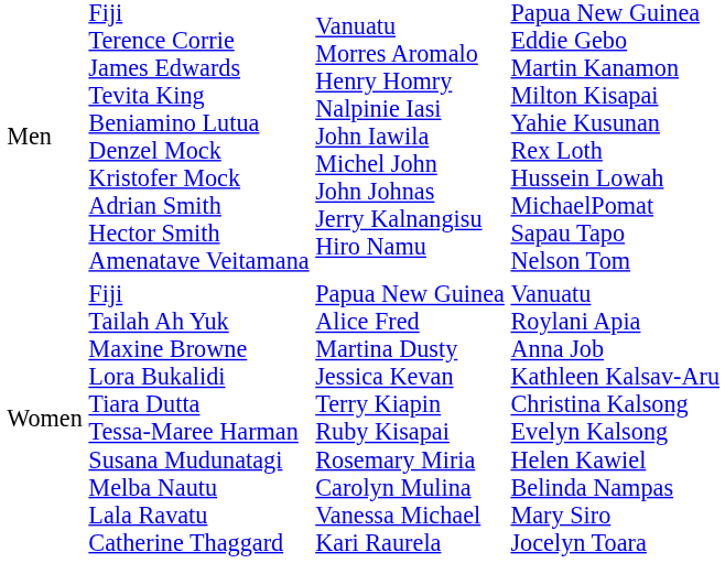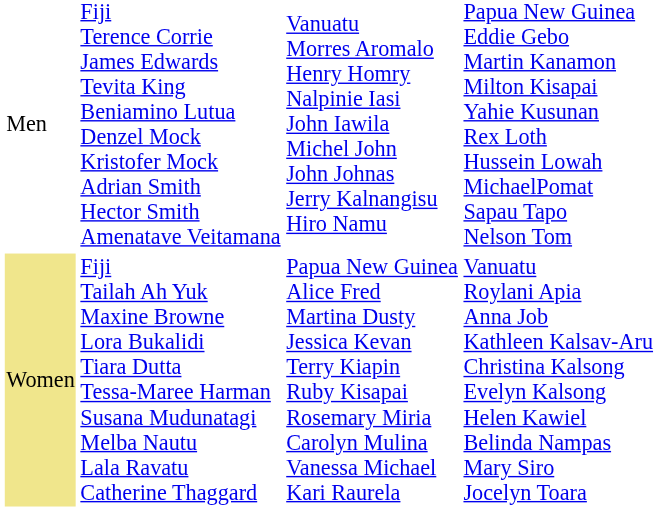 <table>
 <tr>
 <td>Men<br></td>
 <td><a href='#'>Fiji</a><br><a href='#'>Terence Corrie</a><br><a href='#'>James Edwards</a><br><a href='#'>Tevita King</a><br><a href='#'>Beniamino Lutua</a><br><a href='#'>Denzel Mock</a><br><a href='#'>Kristofer Mock</a><br><a href='#'>Adrian Smith</a><br><a href='#'>Hector Smith</a><br><a href='#'>Amenatave Veitamana</a></td>
 <td><a href='#'>Vanuatu</a><br><a href='#'>Morres Aromalo</a><br><a href='#'>Henry Homry</a><br><a href='#'>Nalpinie Iasi</a><br><a href='#'>John Iawila</a><br><a href='#'>Michel John</a><br><a href='#'>John Johnas</a><br><a href='#'>Jerry Kalnangisu</a><br><a href='#'>Hiro Namu</a><br></td>
 <td><a href='#'>Papua New Guinea</a><br><a href='#'>Eddie Gebo</a><br><a href='#'>Martin Kanamon</a><br><a href='#'>Milton Kisapai</a><br><a href='#'>Yahie Kusunan</a><br><a href='#'>Rex Loth</a><br><a href='#'>Hussein Lowah</a><br><a href='#'>MichaelPomat</a><br><a href='#'>Sapau Tapo</a><br><a href='#'>Nelson Tom</a></td>
 </tr>
 <tr>
-<td>Women<br></td>
+<td style="background: khaki;">Women<br></td>
 <td><a href='#'>Fiji</a><br><a href='#'>Tailah Ah Yuk</a><br><a href='#'>Maxine Browne</a><br><a href='#'>Lora Bukalidi</a><br><a href='#'>Tiara Dutta</a><br><a href='#'>Tessa-Maree Harman</a><br><a href='#'>Susana Mudunatagi</a><br><a href='#'>Melba Nautu</a><br><a href='#'>Lala Ravatu</a><br><a href='#'>Catherine Thaggard</a></td>
 <td><a href='#'>Papua New Guinea</a><br><a href='#'>Alice Fred</a><br><a href='#'>Martina Dusty</a><br><a href='#'>Jessica Kevan</a><br><a href='#'>Terry Kiapin</a><br><a href='#'>Ruby Kisapai</a><br><a href='#'>Rosemary Miria</a><br><a href='#'>Carolyn Mulina</a><br><a href='#'>Vanessa Michael</a><br><a href='#'>Kari Raurela</a></td>
 <td><a href='#'>Vanuatu</a><br><a href='#'>Roylani Apia</a><br><a href='#'>Anna Job</a><br><a href='#'>Kathleen Kalsav-Aru</a><br><a href='#'>Christina Kalsong</a><br><a href='#'>Evelyn Kalsong</a><br><a href='#'>Helen Kawiel</a><br><a href='#'>Belinda Nampas</a><br><a href='#'>Mary Siro</a><br><a href='#'>Jocelyn Toara</a></td>
 </tr>
 </table>
